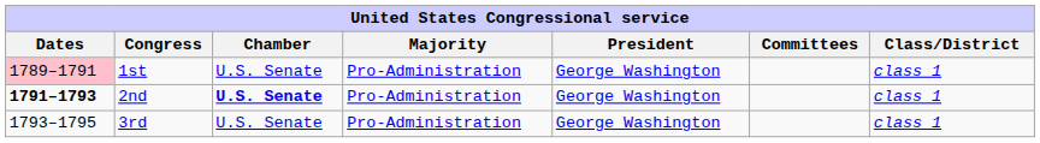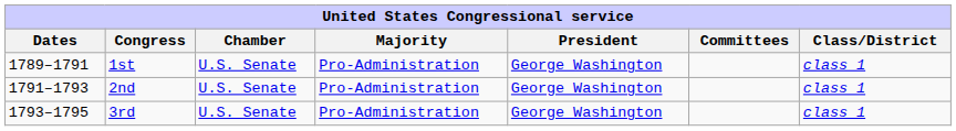 <table class=wikitable style="width: 94%" style="text-align: center;" align="center">
 <tr bgcolor=#cccccc>
 <th colspan=7 style="background: #ccccff;">United States Congressional service</th>
 </tr>
 <tr>
 <th><strong>Dates</strong></th>
 <th><strong>Congress</strong></th>
 <th><strong>Chamber</strong></th>
 <th><strong>Majority</strong></th>
 <th><strong>President</strong></th>
 <th><strong>Committees</strong></th>
 <th><strong>Class/District</strong></th>
 </tr>
 <tr>
-<td style="background: pink;">1789–1791</td>
+<td>1789–1791</td>
 <td><a href='#'>1st</a></td>
 <td><a href='#'>U.S. Senate</a></td>
 <td><a href='#'>Pro-Administration</a></td>
 <td><a href='#'>George Washington</a></td>
 <td></td>
 <td><em><a href='#'>class 1</a></em></td>
 </tr>
 <tr>
-<td><strong>1791–1793</strong></td>
+<td>1791–1793</td>
 <td><a href='#'>2nd</a></td>
-<td><strong><a href='#'>U.S. Senate</a></strong></td>
+<td><a href='#'>U.S. Senate</a></td>
 <td><a href='#'>Pro-Administration</a></td>
 <td><a href='#'>George Washington</a></td>
 <td></td>
 <td><em><a href='#'>class 1</a></em></td>
 </tr>
 <tr>
 <td>1793–1795</td>
 <td><a href='#'>3rd</a></td>
 <td><a href='#'>U.S. Senate</a></td>
 <td><a href='#'>Pro-Administration</a></td>
 <td><a href='#'>George Washington</a></td>
 <td></td>
 <td><em><a href='#'>class 1</a></em></td>
 </tr>
 </table>
